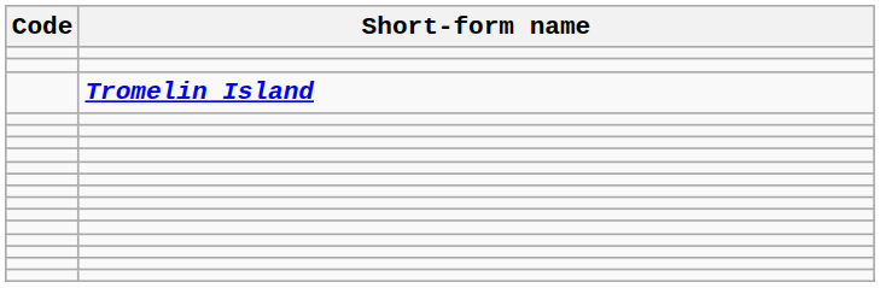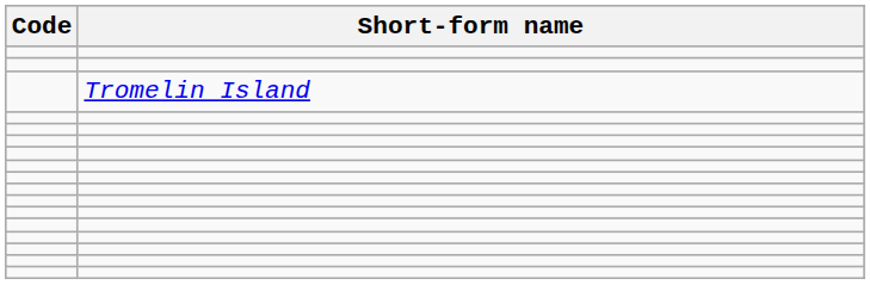 <table class="wikitable sortable">
 <tr>
 <th>Code</th>
 <th width=400px>Short-form name</th>
 </tr>
 <tr>
 <td></td>
 <td><em></em></td>
 </tr>
 <tr>
 <td></td>
 <td></td>
 </tr>
 <tr>
 <td></td>
-<td><strong> <em><a href='#'>Tromelin Island</a></em></strong></td>
+<td> <em><a href='#'>Tromelin Island</a></em></td>
 </tr>
 <tr>
 <td></td>
 <td></td>
 </tr>
 <tr>
 <td></td>
 <td></td>
 </tr>
 <tr>
 <td></td>
 <td><em></em></td>
 </tr>
 <tr>
 <td></td>
 <td><em></em></td>
 </tr>
 <tr>
 <td></td>
 <td></td>
 </tr>
 <tr>
 <td></td>
 <td></td>
 </tr>
 <tr>
 <td></td>
 <td></td>
 </tr>
 <tr>
 <td></td>
 <td></td>
 </tr>
 <tr>
 <td></td>
 <td></td>
 </tr>
 <tr>
 <td></td>
 <td></td>
 </tr>
 <tr>
 <td></td>
 <td></td>
 </tr>
 <tr>
 <td></td>
 <td></td>
 </tr>
 <tr>
 <td></td>
 <td></td>
 </tr>
 <tr>
 <td></td>
 <td></td>
 </tr>
 </table>
